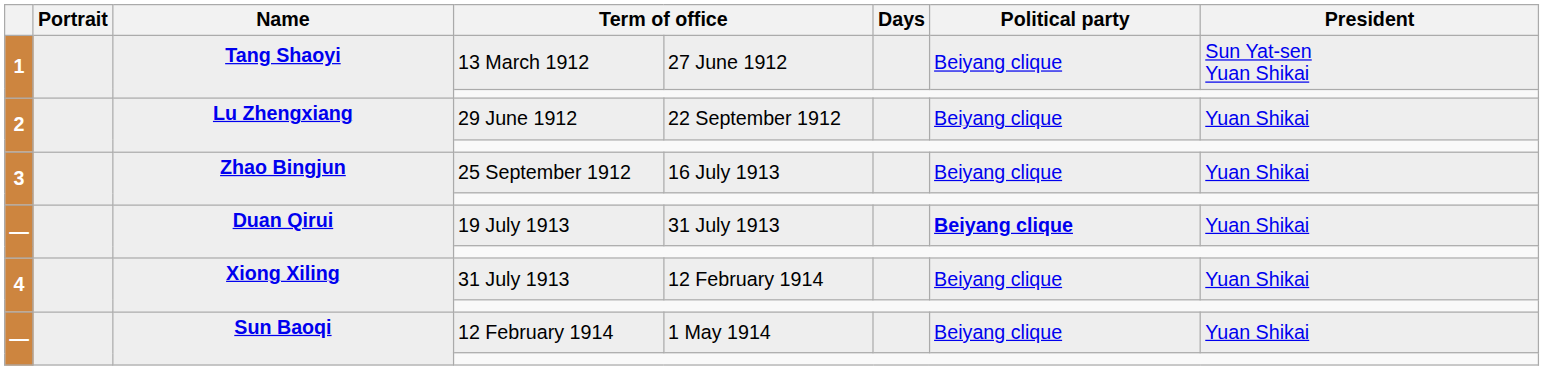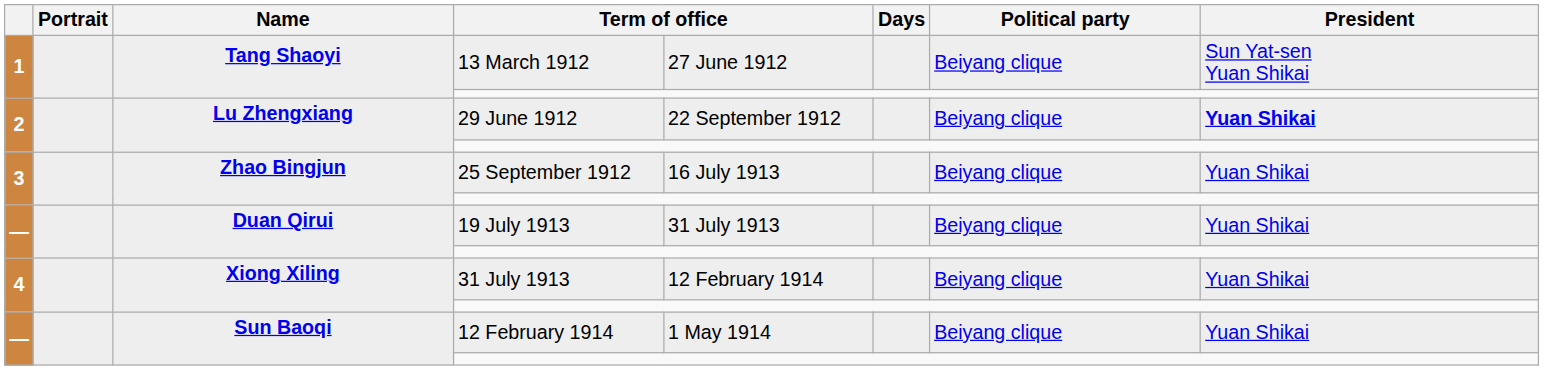 <table class="wikitable">
 <tr>
 <th></th>
 <th>Portrait</th>
 <th width=25%>Name<br></th>
 <th colspan=2 width=30%>Term of office</th>
 <th>Days</th>
 <th width=20%>Political party</th>
 <th width=35%>President</th>
 </tr>
 <tr bgcolor=#EEEEEE>
 <th rowspan=2 style="background:#CD853F; color:white;">1</th>
 <td rowspan=2 align=center></td>
 <td rowspan=2 align=center><strong><a href='#'>Tang Shaoyi</a></strong><br><br></td>
 <td>13 March 1912</td>
 <td>27 June 1912</td>
 <td></td>
 <td><a href='#'>Beiyang clique</a></td>
 <td><a href='#'>Sun Yat-sen</a><br><a href='#'>Yuan Shikai</a></td>
 </tr>
 <tr>
 <td colspan=5></td>
 </tr>
 <tr bgcolor=#EEEEEE>
 <th rowspan=2 style="background:#CD853F; color:white;">2</th>
 <td rowspan=2 align=center></td>
 <td rowspan=2 align=center><strong><a href='#'>Lu Zhengxiang</a></strong><br><br></td>
 <td>29 June 1912</td>
 <td>22 September 1912</td>
 <td></td>
 <td><a href='#'>Beiyang clique</a></td>
-<td><a href='#'>Yuan Shikai</a></td>
+<td><strong><a href='#'>Yuan Shikai</a></strong></td>
 </tr>
 <tr>
 <td colspan=5></td>
 </tr>
 <tr bgcolor=#EEEEEE>
 <th rowspan=2 style="background:#CD853F; color:white;">3</th>
 <td rowspan=2 align=center></td>
 <td rowspan=2 align=center><strong><a href='#'>Zhao Bingjun</a></strong><br><br></td>
 <td>25 September 1912</td>
 <td>16 July 1913</td>
 <td></td>
 <td><a href='#'>Beiyang clique</a></td>
 <td><a href='#'>Yuan Shikai</a></td>
 </tr>
 <tr>
 <td colspan=5></td>
 </tr>
 <tr bgcolor=#EEEEEE>
 <th rowspan=2 style="background:#CD853F; color:white;">—</th>
 <td rowspan=2 align=center></td>
 <td rowspan=2 align=center><strong><a href='#'>Duan Qirui</a></strong><br><br></td>
 <td>19 July 1913</td>
 <td>31 July 1913</td>
 <td></td>
-<td><strong><a href='#'>Beiyang clique</a></strong></td>
+<td><a href='#'>Beiyang clique</a></td>
 <td><a href='#'>Yuan Shikai</a></td>
 </tr>
 <tr>
 <td colspan=5></td>
 </tr>
 <tr bgcolor=#EEEEEE>
 <th rowspan=2 style="background:#CD853F; color:white;">4</th>
 <td rowspan=2 align=center></td>
 <td rowspan=2 align=center><strong><a href='#'>Xiong Xiling</a></strong><br><br></td>
 <td>31 July 1913</td>
 <td>12 February 1914</td>
 <td></td>
 <td><a href='#'>Beiyang clique</a></td>
 <td><a href='#'>Yuan Shikai</a></td>
 </tr>
 <tr>
 <td colspan=5></td>
 </tr>
 <tr bgcolor=#EEEEEE>
 <th rowspan=2 style="background:#CD853F; color:white;">—</th>
 <td rowspan=2 align=center></td>
 <td rowspan=2 align=center><strong><a href='#'>Sun Baoqi</a></strong><br><br></td>
 <td>12 February 1914</td>
 <td>1 May 1914</td>
 <td></td>
 <td><a href='#'>Beiyang clique</a></td>
 <td><a href='#'>Yuan Shikai</a></td>
 </tr>
 <tr>
 <td colspan=5></td>
 </tr>
 </table>
